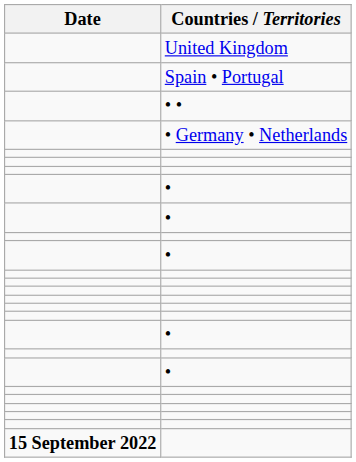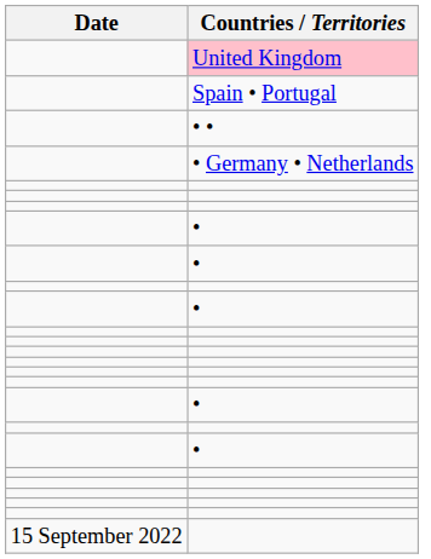 <table class="wikitable mw-datatable">
 <tr>
 <th scope="col">Date</th>
 <th scope="col">Countries / <em>Territories</em></th>
 </tr>
 <tr>
 <td></td>
-<td> <a href='#'>United Kingdom</a></td>
+<td style="background: pink;"> <a href='#'>United Kingdom</a></td>
 </tr>
 <tr>
 <td></td>
 <td> <a href='#'>Spain</a> •  <a href='#'>Portugal</a></td>
 </tr>
 <tr>
 <td></td>
 <td> •  • </td>
 </tr>
 <tr>
 <td></td>
 <td> •  <a href='#'>Germany</a> •  <a href='#'>Netherlands</a></td>
 </tr>
 <tr>
 <td></td>
 <td></td>
 </tr>
 <tr>
 <td></td>
 <td></td>
 </tr>
 <tr>
 <td></td>
 <td></td>
 </tr>
 <tr>
 <td></td>
 <td> • </td>
 </tr>
 <tr>
 <td></td>
 <td> • </td>
 </tr>
 <tr>
 <td></td>
 <td></td>
 </tr>
 <tr>
 <td></td>
 <td> • </td>
 </tr>
 <tr>
 <td></td>
 <td><em></em></td>
 </tr>
 <tr>
 <td></td>
 <td></td>
 </tr>
 <tr>
 <td></td>
 <td></td>
 </tr>
 <tr>
 <td></td>
 <td></td>
 </tr>
 <tr>
 <td></td>
 <td></td>
 </tr>
 <tr>
 <td></td>
 <td></td>
 </tr>
 <tr>
 <td></td>
 <td> • </td>
 </tr>
 <tr>
 <td></td>
 <td></td>
 </tr>
 <tr>
 <td></td>
 <td> • </td>
 </tr>
 <tr>
 <td></td>
 <td></td>
 </tr>
 <tr>
 <td></td>
 <td></td>
 </tr>
 <tr>
 <td></td>
 <td></td>
 </tr>
 <tr>
 <td></td>
 <td></td>
 </tr>
 <tr>
 <td></td>
 <td></td>
 </tr>
 <tr>
-<td><strong>15 September 2022</strong></td>
+<td>15 September 2022</td>
 <td></td>
 </tr>
 </table>
